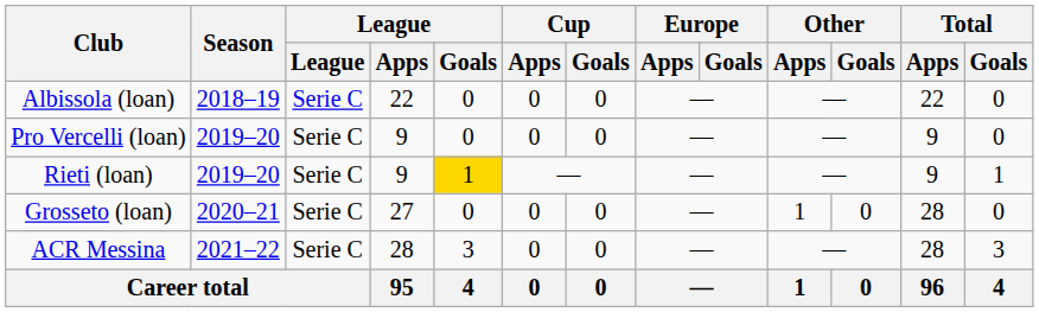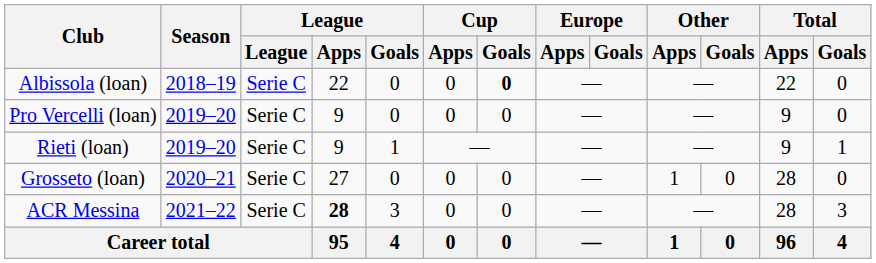 <table class="wikitable" style="text-align: center;">
 <tr>
 <th rowspan="2">Club</th>
 <th rowspan="2">Season</th>
 <th colspan="3">League</th>
 <th colspan="2">Cup</th>
 <th colspan="2">Europe</th>
 <th colspan="2">Other</th>
 <th colspan="2">Total</th>
 </tr>
 <tr>
 <th>League</th>
 <th>Apps</th>
 <th>Goals</th>
 <th>Apps</th>
 <th>Goals</th>
 <th>Apps</th>
 <th>Goals</th>
 <th>Apps</th>
 <th>Goals</th>
 <th>Apps</th>
 <th>Goals</th>
 </tr>
 <tr>
 <td><a href='#'>Albissola</a> (loan)</td>
 <td><a href='#'>2018–19</a></td>
 <td><a href='#'>Serie C</a></td>
 <td>22</td>
 <td>0</td>
 <td>0</td>
-<td>0</td>
+<td><strong>0</strong></td>
 <td colspan="2">—</td>
 <td colspan="2">—</td>
 <td>22</td>
 <td>0</td>
 </tr>
 <tr>
 <td><a href='#'>Pro Vercelli</a> (loan)</td>
 <td><a href='#'>2019–20</a></td>
 <td>Serie C</td>
 <td>9</td>
 <td>0</td>
 <td>0</td>
 <td>0</td>
 <td colspan="2">—</td>
 <td colspan="2">—</td>
 <td>9</td>
 <td>0</td>
 </tr>
 <tr>
 <td><a href='#'>Rieti</a> (loan)</td>
 <td><a href='#'>2019–20</a></td>
 <td>Serie C</td>
 <td>9</td>
-<td style="background: gold;">1</td>
+<td>1</td>
 <td colspan="2">—</td>
 <td colspan="2">—</td>
 <td colspan="2">—</td>
 <td>9</td>
 <td>1</td>
 </tr>
 <tr>
 <td><a href='#'>Grosseto</a> (loan)</td>
 <td><a href='#'>2020–21</a></td>
 <td>Serie C</td>
 <td>27</td>
 <td>0</td>
 <td>0</td>
 <td>0</td>
 <td colspan="2">—</td>
 <td>1</td>
 <td>0</td>
 <td>28</td>
 <td>0</td>
 </tr>
 <tr>
 <td><a href='#'>ACR Messina</a></td>
 <td><a href='#'>2021–22</a></td>
 <td>Serie C</td>
-<td>28</td>
+<td><strong>28</strong></td>
 <td>3</td>
 <td>0</td>
 <td>0</td>
 <td colspan="2">—</td>
 <td colspan="2">—</td>
 <td>28</td>
 <td>3</td>
 </tr>
 <tr>
 <th colspan="3">Career total</th>
 <th>95</th>
 <th>4</th>
 <th>0</th>
 <th>0</th>
 <th colspan="2">—</th>
 <th>1</th>
 <th>0</th>
 <th>96</th>
 <th>4</th>
 </tr>
 </table>
